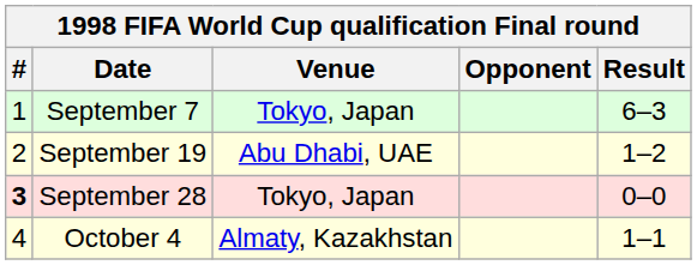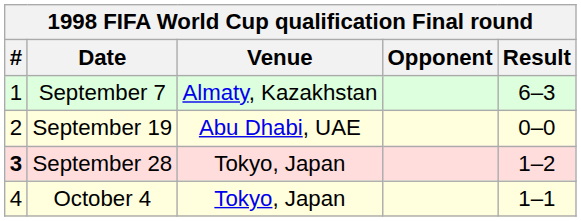 <table class="wikitable" style="text-align: center">
 <tr>
 <th colspan="5">1998 FIFA World Cup qualification Final round</th>
 </tr>
 <tr>
 <th>#</th>
 <th>Date</th>
 <th>Venue</th>
 <th>Opponent</th>
 <th>Result</th>
 </tr>
 <tr style="background-color:#ddffdd">
 <td>1</td>
 <td>September 7</td>
-<td><a href='#'>Tokyo</a>, Japan</td>
+<td><a href='#'>Almaty</a>, Kazakhstan</td>
 <td></td>
 <td>6–3</td>
 </tr>
 <tr style="background-color:#ffffdd">
 <td>2</td>
 <td>September 19</td>
 <td><a href='#'>Abu Dhabi</a>, UAE</td>
 <td></td>
-<td>1–2</td>
+<td>0–0</td>
 </tr>
 <tr style="background-color:#ffdddd">
 <td><strong>3</strong></td>
 <td>September 28</td>
 <td>Tokyo, Japan</td>
 <td></td>
-<td>0–0</td>
+<td>1–2</td>
 </tr>
 <tr style="background-color:#ffffdd">
 <td>4</td>
 <td>October 4</td>
-<td><a href='#'>Almaty</a>, Kazakhstan</td>
+<td><a href='#'>Tokyo</a>, Japan</td>
 <td></td>
 <td>1–1</td>
 </tr>
 </table>
